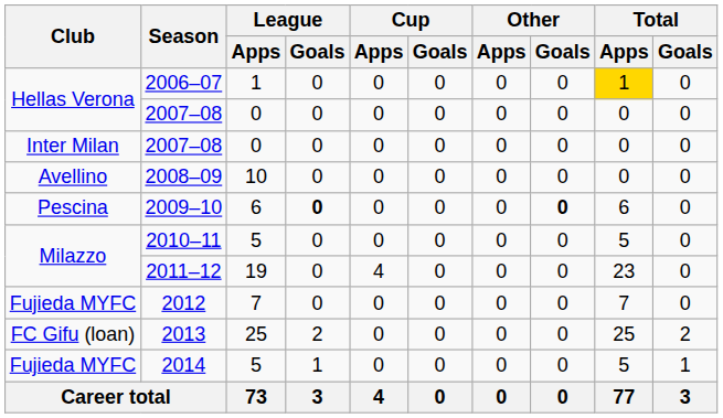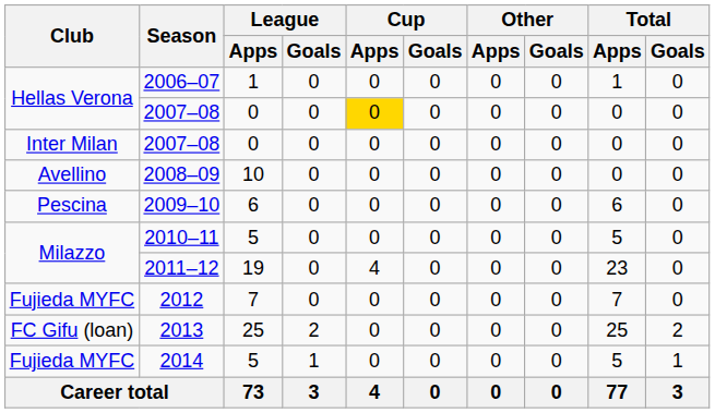 <table class="wikitable" style="text-align:center">
 <tr>
 <th rowspan="2">Club</th>
 <th rowspan="2">Season</th>
 <th colspan="2">League</th>
 <th colspan="2">Cup</th>
 <th colspan="2">Other</th>
 <th colspan="2">Total</th>
 </tr>
 <tr>
 <th>Apps</th>
 <th>Goals</th>
 <th>Apps</th>
 <th>Goals</th>
 <th>Apps</th>
 <th>Goals</th>
 <th>Apps</th>
 <th>Goals</th>
 </tr>
 <tr>
 <td rowspan="2"><a href='#'>Hellas Verona</a></td>
 <td><a href='#'>2006–07</a></td>
 <td>1</td>
 <td>0</td>
 <td>0</td>
 <td>0</td>
 <td>0</td>
 <td>0</td>
-<td style="background: gold;">1</td>
+<td>1</td>
 <td>0</td>
 </tr>
 <tr>
 <td><a href='#'>2007–08</a></td>
 <td>0</td>
 <td>0</td>
-<td>0</td>
+<td style="background: gold;">0</td>
 <td>0</td>
 <td>0</td>
 <td>0</td>
 <td>0</td>
 <td>0</td>
 </tr>
 <tr>
 <td><a href='#'>Inter Milan</a></td>
 <td><a href='#'>2007–08</a></td>
 <td>0</td>
 <td>0</td>
 <td>0</td>
 <td>0</td>
 <td>0</td>
 <td>0</td>
 <td>0</td>
 <td>0</td>
 </tr>
 <tr>
 <td><a href='#'>Avellino</a></td>
 <td><a href='#'>2008–09</a></td>
 <td>10</td>
 <td>0</td>
 <td>0</td>
 <td>0</td>
 <td>0</td>
 <td>0</td>
 <td>0</td>
 <td>0</td>
 </tr>
 <tr>
 <td><a href='#'>Pescina</a></td>
 <td><a href='#'>2009–10</a></td>
 <td>6</td>
-<td><strong>0</strong></td>
 <td>0</td>
 <td>0</td>
 <td>0</td>
-<td><strong>0</strong></td>
+<td>0</td>
+<td>0</td>
 <td>6</td>
 <td>0</td>
 </tr>
 <tr>
 <td rowspan="2"><a href='#'>Milazzo</a></td>
 <td><a href='#'>2010–11</a></td>
 <td>5</td>
 <td>0</td>
 <td>0</td>
 <td>0</td>
 <td>0</td>
 <td>0</td>
 <td>5</td>
 <td>0</td>
 </tr>
 <tr>
 <td><a href='#'>2011–12</a></td>
 <td>19</td>
 <td>0</td>
 <td>4</td>
 <td>0</td>
 <td>0</td>
 <td>0</td>
 <td>23</td>
 <td>0</td>
 </tr>
 <tr>
 <td><a href='#'>Fujieda MYFC</a></td>
 <td><a href='#'>2012</a></td>
 <td>7</td>
 <td>0</td>
 <td>0</td>
 <td>0</td>
 <td>0</td>
 <td>0</td>
 <td>7</td>
 <td>0</td>
 </tr>
 <tr>
 <td><a href='#'>FC Gifu</a> (loan)</td>
 <td><a href='#'>2013</a></td>
 <td>25</td>
 <td>2</td>
 <td>0</td>
 <td>0</td>
 <td>0</td>
 <td>0</td>
 <td>25</td>
 <td>2</td>
 </tr>
 <tr>
 <td><a href='#'>Fujieda MYFC</a></td>
 <td><a href='#'>2014</a></td>
 <td>5</td>
 <td>1</td>
 <td>0</td>
 <td>0</td>
 <td>0</td>
 <td>0</td>
 <td>5</td>
 <td>1</td>
 </tr>
 <tr>
 <th colspan="2">Career total</th>
 <th>73</th>
 <th>3</th>
 <th>4</th>
 <th>0</th>
 <th>0</th>
 <th>0</th>
 <th>77</th>
 <th>3</th>
 </tr>
 </table>
